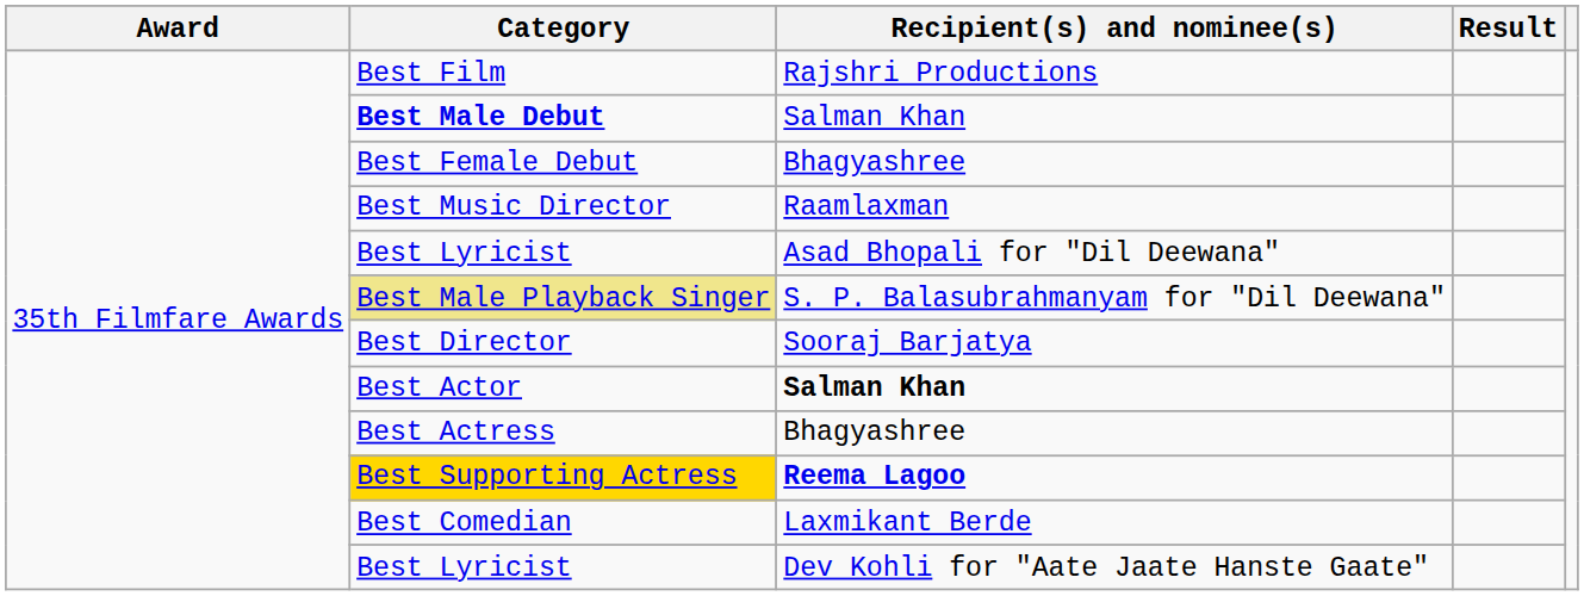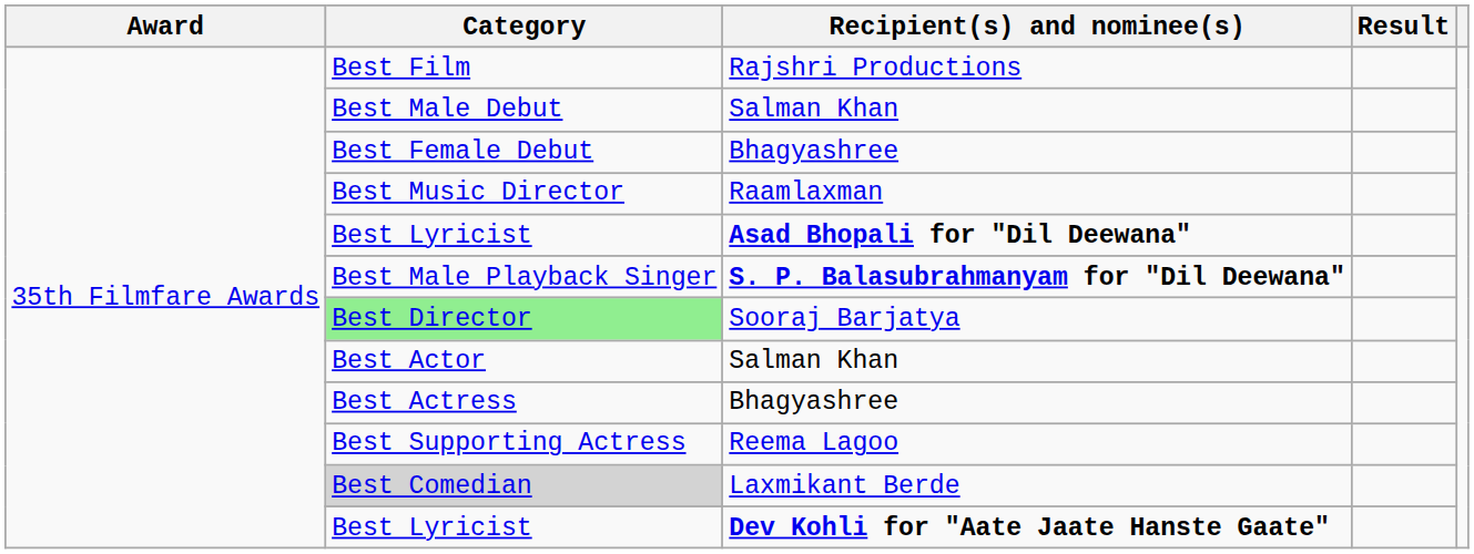 <table class="wikitable sortable">
 <tr style="background:#ccc; text-align:center;" bgcolor="#B0C4DE">
 <th scope="col">Award</th>
 <th scope="col">Category</th>
 <th scope="col">Recipient(s) and nominee(s)</th>
 <th scope="col">Result</th>
 <th scope="col" class="unsortable"></th>
 </tr>
 <tr>
 <td rowspan="12"><a href='#'>35th Filmfare Awards</a></td>
 <td><a href='#'>Best Film</a></td>
 <td><a href='#'>Rajshri Productions</a></td>
 <td></td>
 <td style="text-align:center;" rowspan="12"><br></td>
 </tr>
 <tr>
-<td><strong><a href='#'>Best Male Debut</a></strong></td>
+<td><a href='#'>Best Male Debut</a></td>
 <td><a href='#'>Salman Khan</a></td>
 <td></td>
 </tr>
 <tr>
 <td><a href='#'>Best Female Debut</a></td>
 <td><a href='#'>Bhagyashree</a></td>
 <td></td>
 </tr>
 <tr>
 <td><a href='#'>Best Music Director</a></td>
 <td><a href='#'>Raamlaxman</a></td>
 <td></td>
 </tr>
 <tr>
 <td><a href='#'>Best Lyricist</a></td>
-<td><a href='#'>Asad Bhopali</a> for "Dil Deewana"</td>
+<td><strong><a href='#'>Asad Bhopali</a> for "Dil Deewana"</strong></td>
 <td></td>
 </tr>
 <tr>
-<td style="background: khaki;"><a href='#'>Best Male Playback Singer</a></td>
-<td><a href='#'>S. P. Balasubrahmanyam</a> for "Dil Deewana"</td>
+<td><a href='#'>Best Male Playback Singer</a></td>
+<td><strong><a href='#'>S. P. Balasubrahmanyam</a> for "Dil Deewana"</strong></td>
 <td></td>
 </tr>
 <tr>
-<td><a href='#'>Best Director</a></td>
+<td style="background: lightgreen;"><a href='#'>Best Director</a></td>
 <td><a href='#'>Sooraj Barjatya</a></td>
 <td></td>
 </tr>
 <tr>
 <td><a href='#'>Best Actor</a></td>
-<td><strong>Salman Khan</strong></td>
+<td>Salman Khan</td>
 <td></td>
 </tr>
 <tr>
 <td><a href='#'>Best Actress</a></td>
 <td>Bhagyashree</td>
 <td></td>
 </tr>
 <tr>
-<td style="background: gold;"><a href='#'>Best Supporting Actress</a></td>
-<td><strong><a href='#'>Reema Lagoo</a></strong></td>
+<td><a href='#'>Best Supporting Actress</a></td>
+<td><a href='#'>Reema Lagoo</a></td>
 <td></td>
 </tr>
 <tr>
-<td><a href='#'>Best Comedian</a></td>
+<td style="background: lightgrey;"><a href='#'>Best Comedian</a></td>
 <td><a href='#'>Laxmikant Berde</a></td>
 <td></td>
 </tr>
 <tr>
 <td><a href='#'>Best Lyricist</a></td>
-<td><a href='#'>Dev Kohli</a> for "Aate Jaate Hanste Gaate"</td>
+<td><strong><a href='#'>Dev Kohli</a> for "Aate Jaate Hanste Gaate"</strong></td>
 <td></td>
 </tr>
 </table>
